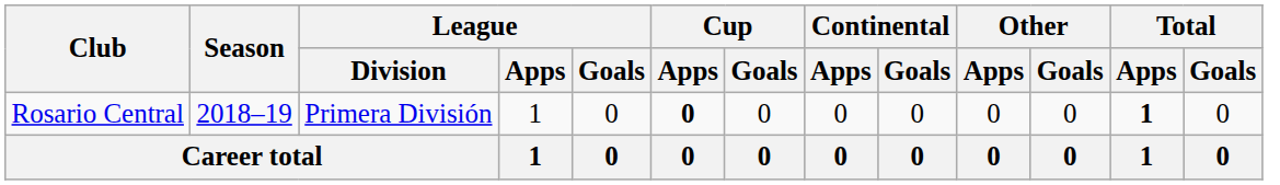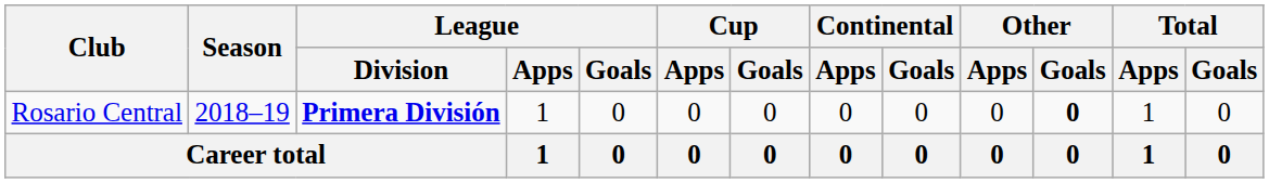 <table class="wikitable" style="text-align:center">
 <tr>
 <th rowspan="2">Club</th>
 <th rowspan="2">Season</th>
 <th colspan="3">League</th>
 <th colspan="2">Cup</th>
 <th colspan="2">Continental</th>
 <th colspan="2">Other</th>
 <th colspan="2">Total</th>
 </tr>
 <tr>
 <th>Division</th>
 <th>Apps</th>
 <th>Goals</th>
 <th>Apps</th>
 <th>Goals</th>
 <th>Apps</th>
 <th>Goals</th>
 <th>Apps</th>
 <th>Goals</th>
 <th>Apps</th>
 <th>Goals</th>
 </tr>
 <tr>
 <td rowspan="1"><a href='#'>Rosario Central</a></td>
 <td><a href='#'>2018–19</a></td>
-<td rowspan="1"><a href='#'>Primera División</a></td>
+<td rowspan="1"><strong><a href='#'>Primera División</a></strong></td>
 <td>1</td>
-<td>0</td>
-<td><strong>0</strong></td>
 <td>0</td>
 <td>0</td>
 <td>0</td>
 <td>0</td>
 <td>0</td>
-<td><strong>1</strong></td>
+<td>0</td>
+<td><strong>0</strong></td>
+<td>1</td>
 <td>0</td>
 </tr>
 <tr>
 <th colspan="3">Career total</th>
 <th>1</th>
 <th>0</th>
 <th>0</th>
 <th>0</th>
 <th>0</th>
 <th>0</th>
 <th>0</th>
 <th>0</th>
 <th>1</th>
 <th>0</th>
 </tr>
 </table>
